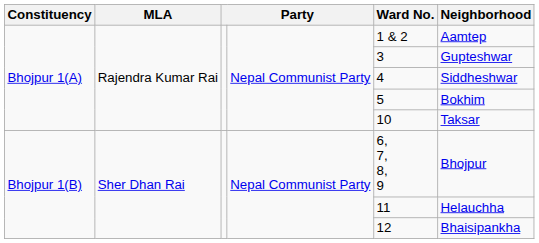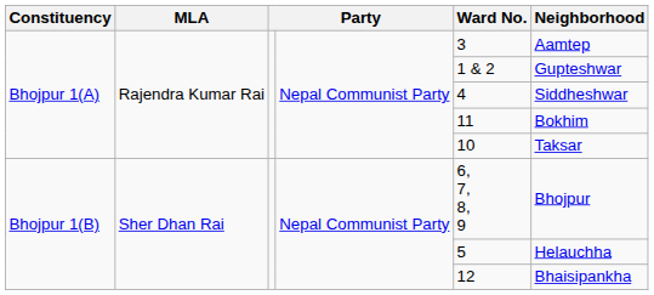 <table class="wikitable">
 <tr>
 <th>Constituency</th>
 <th>MLA</th>
 <th colspan=2>Party</th>
 <th>Ward No.</th>
 <th>Neighborhood</th>
 </tr>
 <tr>
 <td rowspan=5><a href='#'>Bhojpur 1(A)</a></td>
 <td rowspan=5>Rajendra Kumar Rai</td>
 <td rowspan=5,></td>
 <td rowspan=5><a href='#'>Nepal Communist Party</a></td>
-<td>1 & 2</td>
+<td>3</td>
 <td><a href='#'>Aamtep</a></td>
 </tr>
 <tr>
-<td>3</td>
+<td>1 & 2</td>
 <td><a href='#'>Gupteshwar</a></td>
 </tr>
 <tr>
 <td>4</td>
 <td><a href='#'>Siddheshwar</a></td>
 </tr>
 <tr>
-<td>5</td>
+<td>11</td>
 <td><a href='#'>Bokhim</a></td>
 </tr>
 <tr>
 <td>10</td>
 <td><a href='#'>Taksar</a></td>
 </tr>
 <tr>
 <td rowspan=3><a href='#'>Bhojpur 1(B)</a></td>
 <td rowspan=3><a href='#'>Sher Dhan Rai</a></td>
 <td rowspan=3,></td>
 <td rowspan=3><a href='#'>Nepal Communist Party</a></td>
 <td>6,<br>7,<br> 8,<br>9</td>
 <td><a href='#'>Bhojpur</a></td>
 </tr>
 <tr>
-<td>11</td>
+<td>5</td>
 <td><a href='#'>Helauchha</a></td>
 </tr>
 <tr>
 <td>12</td>
 <td><a href='#'>Bhaisipankha</a></td>
 </tr>
 </table>
